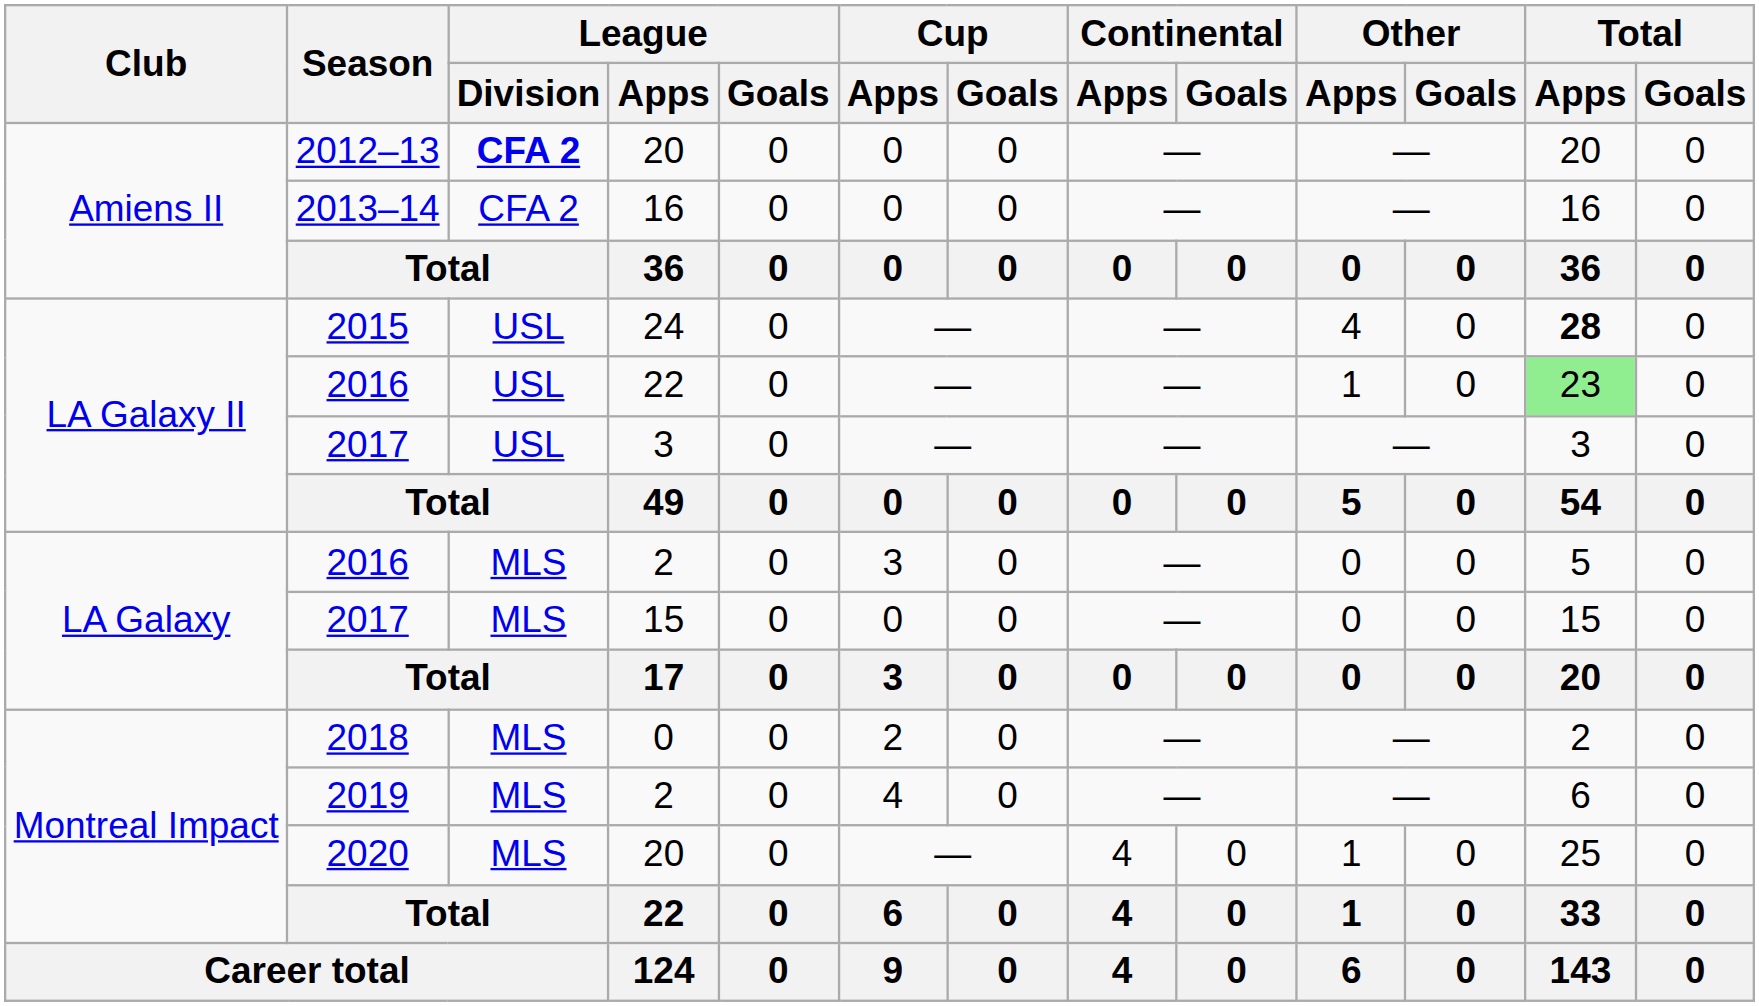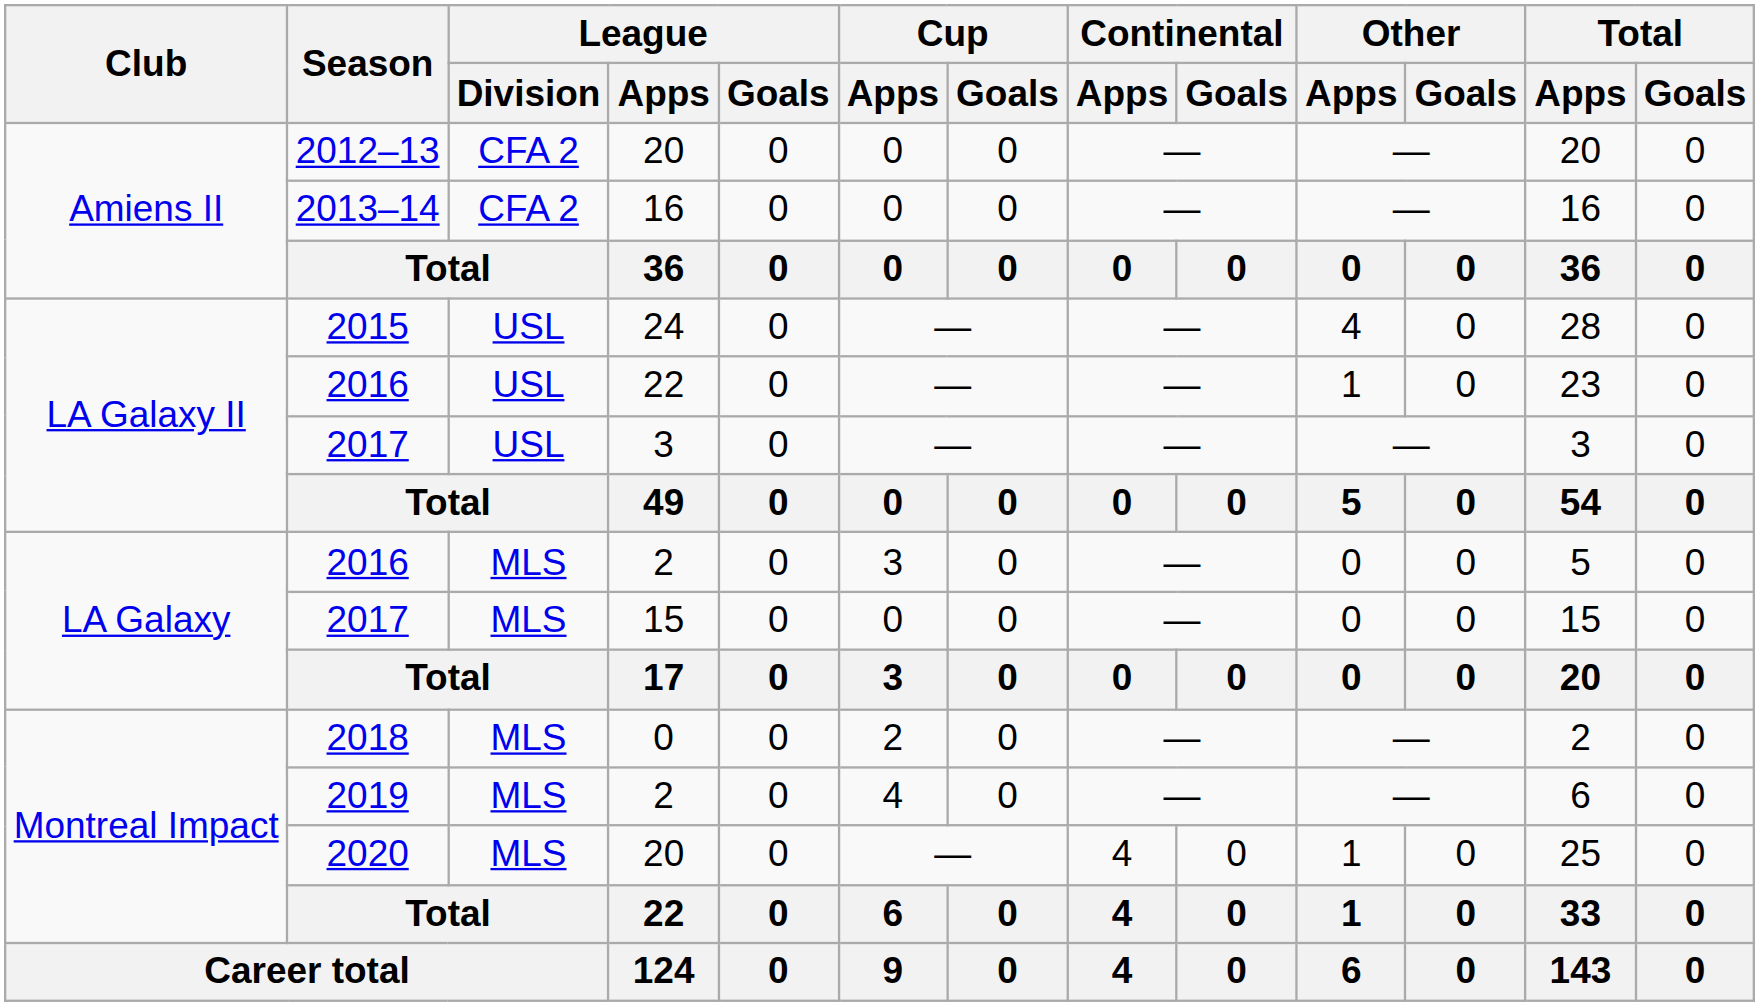 <table class="wikitable" style="text-align: center;">
 <tr>
 <th rowspan="2">Club</th>
 <th rowspan="2">Season</th>
 <th colspan="3">League</th>
 <th colspan="2">Cup</th>
 <th colspan="2">Continental</th>
 <th colspan="2">Other</th>
 <th colspan="2">Total</th>
 </tr>
 <tr>
 <th>Division</th>
 <th>Apps</th>
 <th>Goals</th>
 <th>Apps</th>
 <th>Goals</th>
 <th>Apps</th>
 <th>Goals</th>
 <th>Apps</th>
 <th>Goals</th>
 <th>Apps</th>
 <th>Goals</th>
 </tr>
 <tr>
 <td rowspan="3"><a href='#'>Amiens II</a></td>
 <td><a href='#'>2012–13</a></td>
-<td><strong><a href='#'>CFA 2</a></strong></td>
+<td><a href='#'>CFA 2</a></td>
 <td>20</td>
 <td>0</td>
 <td>0</td>
 <td>0</td>
 <td colspan="2">—</td>
 <td colspan="2">—</td>
 <td>20</td>
 <td>0</td>
 </tr>
 <tr>
 <td><a href='#'>2013–14</a></td>
 <td><a href='#'>CFA 2</a></td>
 <td>16</td>
 <td>0</td>
 <td>0</td>
 <td>0</td>
 <td colspan="2">—</td>
 <td colspan="2">—</td>
 <td>16</td>
 <td>0</td>
 </tr>
 <tr>
 <th colspan="2">Total</th>
 <th>36</th>
 <th>0</th>
 <th>0</th>
 <th>0</th>
 <th>0</th>
 <th>0</th>
 <th>0</th>
 <th>0</th>
 <th>36</th>
 <th>0</th>
 </tr>
 <tr>
 <td rowspan="4"><a href='#'>LA Galaxy II</a></td>
 <td><a href='#'>2015</a></td>
 <td><a href='#'>USL</a></td>
 <td>24</td>
 <td>0</td>
 <td colspan="2">—</td>
 <td colspan="2">—</td>
 <td>4</td>
 <td>0</td>
-<td><strong>28</strong></td>
+<td>28</td>
 <td>0</td>
 </tr>
 <tr>
 <td><a href='#'>2016</a></td>
 <td><a href='#'>USL</a></td>
 <td>22</td>
 <td>0</td>
 <td colspan="2">—</td>
 <td colspan="2">—</td>
 <td>1</td>
 <td>0</td>
-<td style="background: lightgreen;">23</td>
+<td>23</td>
 <td>0</td>
 </tr>
 <tr>
 <td><a href='#'>2017</a></td>
 <td><a href='#'>USL</a></td>
 <td>3</td>
 <td>0</td>
 <td colspan="2">—</td>
 <td colspan="2">—</td>
 <td colspan="2">—</td>
 <td>3</td>
 <td>0</td>
 </tr>
 <tr>
 <th colspan="2">Total</th>
 <th>49</th>
 <th>0</th>
 <th>0</th>
 <th>0</th>
 <th>0</th>
 <th>0</th>
 <th>5</th>
 <th>0</th>
 <th>54</th>
 <th>0</th>
 </tr>
 <tr>
 <td rowspan="3"><a href='#'>LA Galaxy</a></td>
 <td><a href='#'>2016</a></td>
 <td><a href='#'>MLS</a></td>
 <td>2</td>
 <td>0</td>
 <td>3</td>
 <td>0</td>
 <td colspan="2">—</td>
 <td>0</td>
 <td>0</td>
 <td>5</td>
 <td>0</td>
 </tr>
 <tr>
 <td><a href='#'>2017</a></td>
 <td><a href='#'>MLS</a></td>
 <td>15</td>
 <td>0</td>
 <td>0</td>
 <td>0</td>
 <td colspan="2">—</td>
 <td>0</td>
 <td>0</td>
 <td>15</td>
 <td>0</td>
 </tr>
 <tr>
 <th colspan="2">Total</th>
 <th>17</th>
 <th>0</th>
 <th>3</th>
 <th>0</th>
 <th>0</th>
 <th>0</th>
 <th>0</th>
 <th>0</th>
 <th>20</th>
 <th>0</th>
 </tr>
 <tr>
 <td rowspan="4"><a href='#'>Montreal Impact</a></td>
 <td><a href='#'>2018</a></td>
 <td><a href='#'>MLS</a></td>
 <td>0</td>
 <td>0</td>
 <td>2</td>
 <td>0</td>
 <td colspan="2">—</td>
 <td colspan="2">—</td>
 <td>2</td>
 <td>0</td>
 </tr>
 <tr>
 <td><a href='#'>2019</a></td>
 <td><a href='#'>MLS</a></td>
 <td>2</td>
 <td>0</td>
 <td>4</td>
 <td>0</td>
 <td colspan="2">—</td>
 <td colspan="2">—</td>
 <td>6</td>
 <td>0</td>
 </tr>
 <tr>
 <td><a href='#'>2020</a></td>
 <td><a href='#'>MLS</a></td>
 <td>20</td>
 <td>0</td>
 <td colspan="2">—</td>
 <td>4</td>
 <td>0</td>
 <td>1</td>
 <td>0</td>
 <td>25</td>
 <td>0</td>
 </tr>
 <tr>
 <th colspan="2">Total</th>
 <th>22</th>
 <th>0</th>
 <th>6</th>
 <th>0</th>
 <th>4</th>
 <th>0</th>
 <th>1</th>
 <th>0</th>
 <th>33</th>
 <th>0</th>
 </tr>
 <tr>
 <th colspan="3">Career total</th>
 <th>124</th>
 <th>0</th>
 <th>9</th>
 <th>0</th>
 <th>4</th>
 <th>0</th>
 <th>6</th>
 <th>0</th>
 <th>143</th>
 <th>0</th>
 </tr>
 </table>
